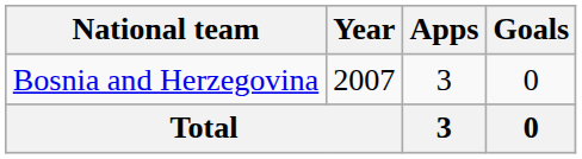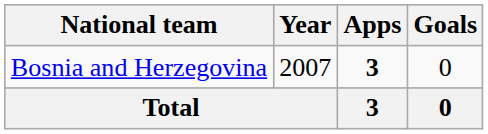 <table class="wikitable" style="text-align: center;">
 <tr>
 <th>National team</th>
 <th>Year</th>
 <th>Apps</th>
 <th>Goals</th>
 </tr>
 <tr>
 <td><a href='#'>Bosnia and Herzegovina</a></td>
 <td>2007</td>
-<td>3</td>
+<td><strong>3</strong></td>
 <td>0</td>
 </tr>
 <tr>
 <th colspan="2">Total</th>
 <th>3</th>
 <th>0</th>
 </tr>
 </table>
